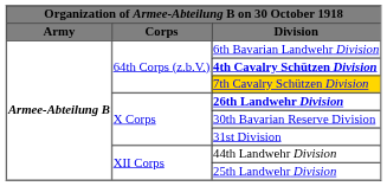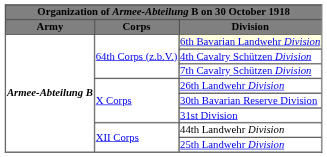 <table style="float: right;" border="1" cellpadding="1" cellspacing="0" style="font-size: 100%; border: gray solid 1px; border-collapse: collapse; text-align: center;">
 <tr style="background-color:grey; color:black;">
 <th colspan="3">Organization of <em>Armee-Abteilung</em> B on 30 October 1918</th>
 </tr>
 <tr>
 </tr>
 <tr style="background-color:grey; color:black;">
 <th>Army</th>
 <th>Corps</th>
 <th>Division</th>
 </tr>
 <tr>
 <td ROWSPAN=8><strong><em>Armee-Abteilung<em> B<strong></td>
 <td ROWSPAN=3><a href='#'>64th Corps (z.b.V.)</a></td>
-<td><a href='#'>6th Bavarian </em>Landwehr<em> Division</a></td>
+<td style="background: lightyellow;"><a href='#'>6th Bavarian </em>Landwehr<em> Division</a></td>
 </tr>
 <tr>
-<td><strong><a href='#'>4th Cavalry </em>Schützen<em> Division</a></strong></td>
+<td><a href='#'>4th Cavalry </em>Schützen<em> Division</a></td>
 </tr>
 <tr>
-<td style="background: gold;"><a href='#'>7th Cavalry </em>Schützen<em> Division</a></td>
+<td><a href='#'>7th Cavalry </em>Schützen<em> Division</a></td>
 </tr>
 <tr>
 <td ROWSPAN=3><a href='#'>X Corps</a></td>
-<td><strong><a href='#'>26th </em>Landwehr<em> Division</a></strong></td>
+<td><a href='#'>26th </em>Landwehr<em> Division</a></td>
 </tr>
 <tr>
 <td><a href='#'>30th Bavarian Reserve Division</a></td>
 </tr>
 <tr>
 <td><a href='#'>31st Division</a></td>
 </tr>
 <tr>
 <td ROWSPAN=2><a href='#'>XII Corps</a></td>
 <td>44th </em>Landwehr<em> Division</td>
 </tr>
 <tr>
 <td><a href='#'>25th </em>Landwehr<em> Division</a></td>
 </tr>
 </table>
